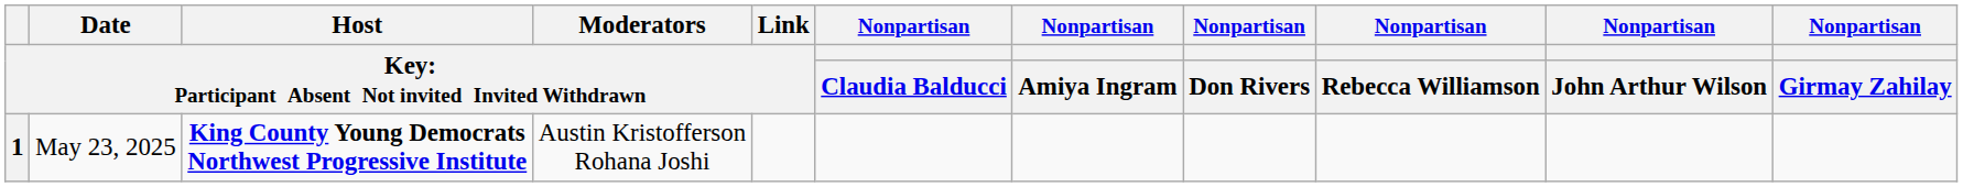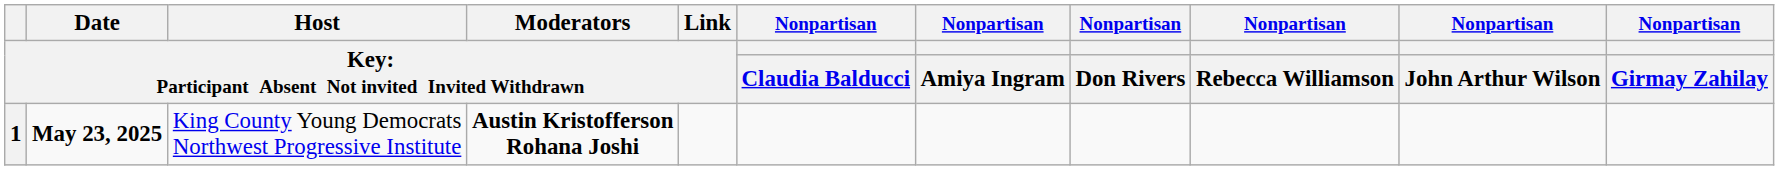 <table class="wikitable" style="text-align:center;">
 <tr>
 <th scope="col"></th>
 <th scope="col">Date</th>
 <th scope="col">Host</th>
 <th scope="col">Moderators</th>
 <th scope="col">Link</th>
 <th scope="col"><small><a href='#'>Nonpartisan</a></small></th>
 <th scope="col"><small><a href='#'>Nonpartisan</a></small></th>
 <th scope="col"><small><a href='#'>Nonpartisan</a></small></th>
 <th scope="col"><small><a href='#'>Nonpartisan</a></small></th>
 <th scope="col"><small><a href='#'>Nonpartisan</a></small></th>
 <th scope="col"><small><a href='#'>Nonpartisan</a></small></th>
 </tr>
 <tr>
 <th colspan="5" rowspan="2">Key:<br> <small>Participant </small>  <small>Absent </small>  <small>Not invited </small>  <small>Invited  Withdrawn</small></th>
 <th scope="col" style="background:"></th>
 <th scope="col" style="background:"></th>
 <th scope="col" style="background:"></th>
 <th scope="col" style="background:"></th>
 <th scope="col" style="background:"></th>
 <th scope="col" style="background:"></th>
 </tr>
 <tr>
 <th scope="col"><a href='#'>Claudia Balducci</a></th>
 <th scope="col">Amiya Ingram</th>
 <th scope="col">Don Rivers</th>
 <th scope="col">Rebecca Williamson</th>
 <th scope="col">John Arthur Wilson</th>
 <th scope="col"><a href='#'>Girmay Zahilay</a></th>
 </tr>
 <tr>
 <th>1</th>
-<td style="white-space:nowrap;">May 23, 2025</td>
-<td style="white-space:nowrap;"><strong><a href='#'>King County</a> Young Democrats<br><a href='#'>Northwest Progressive Institute</a></strong></td>
-<td style="white-space:nowrap;">Austin Kristofferson<br>Rohana Joshi</td>
+<td style="white-space:nowrap;"><strong>May 23, 2025</strong></td>
+<td style="white-space:nowrap;"><a href='#'>King County</a> Young Democrats<br><a href='#'>Northwest Progressive Institute</a></td>
+<td style="white-space:nowrap;"><strong>Austin Kristofferson<br>Rohana Joshi</strong></td>
 <td style="white-space:nowrap;"></td>
 <td></td>
 <td></td>
 <td></td>
 <td></td>
 <td></td>
 <td></td>
 </tr>
 </table>
